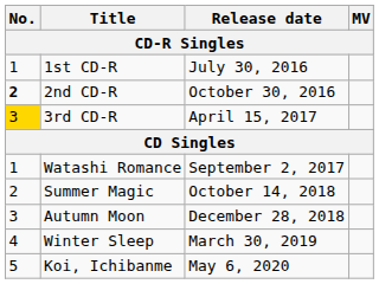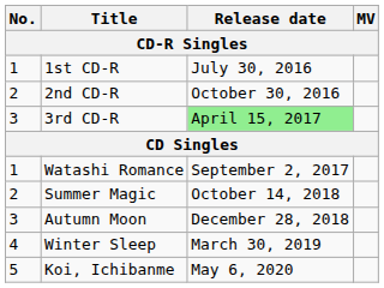 <table class="wikitable">
 <tr>
 <th>No.</th>
 <th>Title</th>
 <th>Release date</th>
 <th>MV</th>
 </tr>
 <tr>
 <th colspan="4">CD-R Singles</th>
 </tr>
 <tr>
 <td>1</td>
 <td>1st CD-R</td>
 <td>July 30, 2016</td>
 <td></td>
 </tr>
 <tr>
-<td><strong>2</strong></td>
+<td>2</td>
 <td>2nd CD-R</td>
 <td>October 30, 2016</td>
 <td></td>
 </tr>
 <tr>
-<td style="background: gold;">3</td>
+<td>3</td>
 <td>3rd CD-R</td>
-<td>April 15, 2017</td>
+<td style="background: lightgreen;">April 15, 2017</td>
 <td></td>
 </tr>
 <tr>
 <th colspan="4">CD Singles</th>
 </tr>
 <tr>
 <td>1</td>
 <td>Watashi Romance</td>
 <td>September 2, 2017</td>
 <td></td>
 </tr>
 <tr>
 <td>2</td>
 <td>Summer Magic</td>
 <td>October 14, 2018</td>
 <td></td>
 </tr>
 <tr>
 <td>3</td>
 <td>Autumn Moon</td>
 <td>December 28, 2018</td>
 <td></td>
 </tr>
 <tr>
 <td>4</td>
 <td>Winter Sleep</td>
 <td>March 30, 2019</td>
 <td></td>
 </tr>
 <tr>
 <td>5</td>
 <td>Koi, Ichibanme</td>
 <td>May 6, 2020</td>
 <td></td>
 </tr>
 </table>
